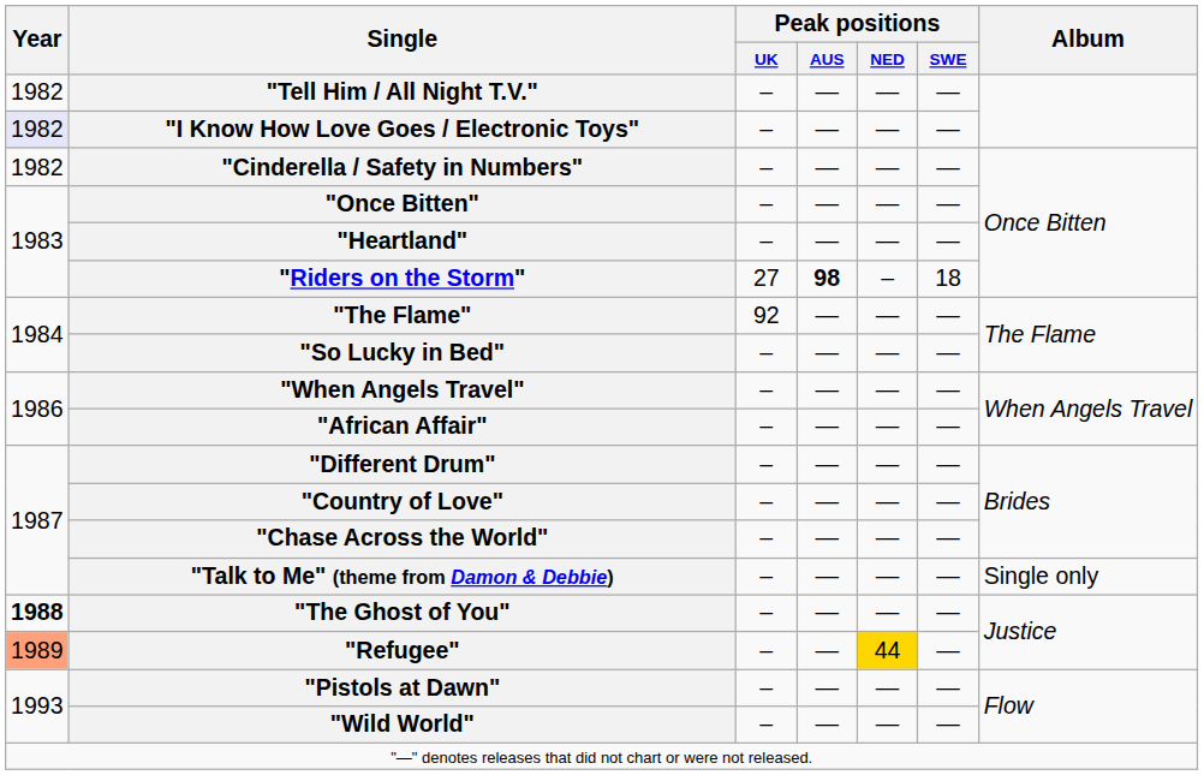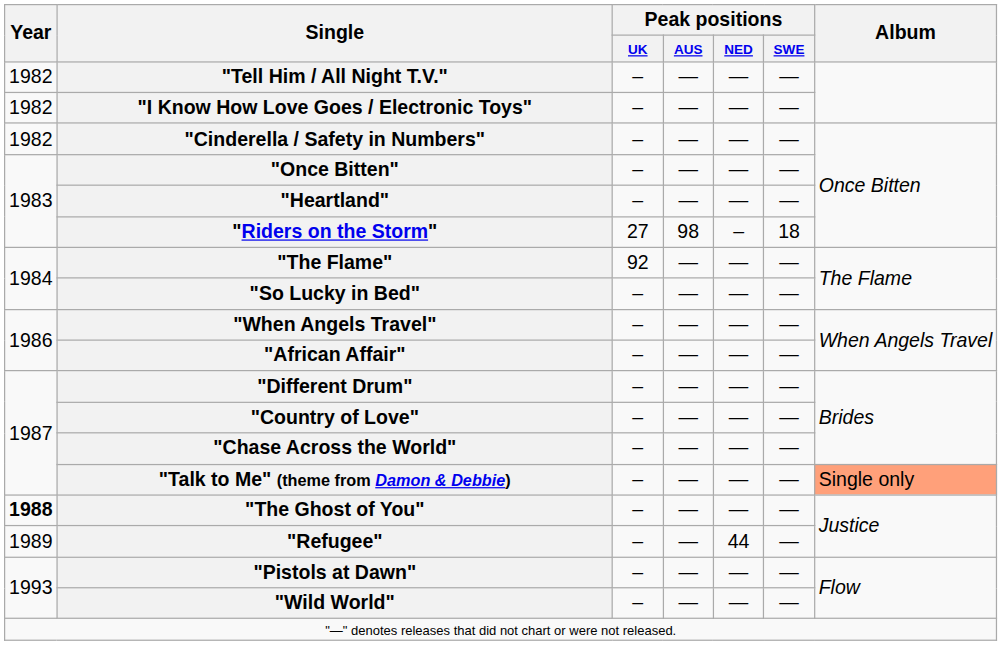 <table class="wikitable plainrowheaders" style="text-align:center;">
 <tr>
 <th rowspan="2">Year</th>
 <th rowspan="2" style="width:28em;">Single</th>
 <th colspan="4">Peak positions</th>
 <th rowspan="2">Album</th>
 </tr>
 <tr style="font-size:smaller;">
 <th width="35"><small><a href='#'>UK</a></small><br></th>
 <th width="35"><small><a href='#'>AUS</a></small></th>
 <th width="35"><small><a href='#'>NED</a></small></th>
 <th width="35"><small><a href='#'>SWE</a></small></th>
 </tr>
 <tr>
 <td rowspan="1">1982</td>
 <th scope="row">"Tell Him / All Night T.V."</th>
 <td>–</td>
 <td>—</td>
 <td>—</td>
 <td>—</td>
 </tr>
 <tr>
-<td rowspan="1" style="background: lavender;">1982</td>
+<td rowspan="1">1982</td>
 <th scope="row">"I Know How Love Goes / Electronic Toys"</th>
 <td>–</td>
 <td>—</td>
 <td>—</td>
 <td>—</td>
 </tr>
 <tr>
 <td rowspan="1">1982</td>
 <th scope="row">"Cinderella / Safety in Numbers"</th>
 <td>–</td>
 <td>—</td>
 <td>—</td>
 <td>—</td>
 <td align="left" rowspan="4"><em>Once Bitten</em></td>
 </tr>
 <tr>
 <td rowspan="3">1983</td>
 <th scope="row">"Once Bitten"</th>
 <td>–</td>
 <td>—</td>
 <td>—</td>
 <td>—</td>
 </tr>
 <tr>
 <th scope="row">"Heartland"</th>
 <td>–</td>
 <td>—</td>
 <td>—</td>
 <td>—</td>
 </tr>
 <tr>
 <th scope="row">"<a href='#'>Riders on the Storm</a>"</th>
 <td>27</td>
-<td><strong>98</strong></td>
+<td>98</td>
 <td>–</td>
 <td>18</td>
 </tr>
 <tr>
 <td rowspan="2">1984</td>
 <th scope="row">"The Flame"</th>
 <td>92</td>
 <td>—</td>
 <td>—</td>
 <td>—</td>
 <td align="left" rowspan="2"><em>The Flame</em></td>
 </tr>
 <tr>
 <th scope="row">"So Lucky in Bed"</th>
 <td>–</td>
 <td>—</td>
 <td>—</td>
 <td>—</td>
 </tr>
 <tr>
 <td rowspan="2">1986</td>
 <th scope="row">"When Angels Travel"</th>
 <td>–</td>
 <td>—</td>
 <td>—</td>
 <td>—</td>
 <td align="left" rowspan="2"><em>When Angels Travel</em></td>
 </tr>
 <tr>
 <th scope="row">"African Affair"</th>
 <td>–</td>
 <td>—</td>
 <td>—</td>
 <td>—</td>
 </tr>
 <tr>
 <td rowspan="4">1987</td>
 <th scope="row">"Different Drum"</th>
 <td>–</td>
 <td>—</td>
 <td>—</td>
 <td>—</td>
 <td align="left" rowspan="3"><em>Brides</em></td>
 </tr>
 <tr>
 <th scope="row">"Country of Love"</th>
 <td>–</td>
 <td>—</td>
 <td>—</td>
 <td>—</td>
 </tr>
 <tr>
 <th scope="row">"Chase Across the World"</th>
 <td>–</td>
 <td>—</td>
 <td>—</td>
 <td>—</td>
 </tr>
 <tr>
 <th scope="row">"Talk to Me" <small>(theme from <em><a href='#'>Damon & Debbie</a></em>)</small></th>
 <td>–</td>
 <td>—</td>
 <td>—</td>
 <td>—</td>
-<td align="left" rowspan="1">Single only</td>
+<td align="left" rowspan="1" style="background: lightsalmon;">Single only</td>
 </tr>
 <tr>
 <td rowspan="1"><strong>1988</strong></td>
 <th scope="row">"The Ghost of You"</th>
 <td>–</td>
 <td>—</td>
 <td>—</td>
 <td>—</td>
 <td align="left" rowspan="2"><em>Justice</em></td>
 </tr>
 <tr>
-<td rowspan="1" style="background: lightsalmon;">1989</td>
+<td rowspan="1">1989</td>
 <th scope="row">"Refugee"</th>
 <td>–</td>
 <td>—</td>
-<td style="background: gold;">44</td>
+<td>44</td>
 <td>—</td>
 </tr>
 <tr>
 <td rowspan="2">1993</td>
 <th scope="row">"Pistols at Dawn"</th>
 <td>–</td>
 <td>—</td>
 <td>—</td>
 <td>—</td>
 <td align="left" rowspan="2"><em>Flow</em></td>
 </tr>
 <tr>
 <th scope="row">"Wild World"</th>
 <td>–</td>
 <td>—</td>
 <td>—</td>
 <td>—</td>
 </tr>
 <tr>
 <td align="center" colspan="9" style="font-size:8pt">"—" denotes releases that did not chart or were not released.</td>
 </tr>
 </table>
